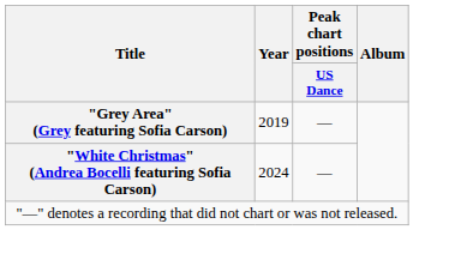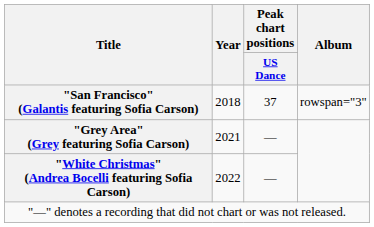 <table class="wikitable plainrowheaders" style="text-align: center">
 <tr>
 <th rowspan="2" scope="col" style="width: 16em">Title</th>
 <th rowspan="2" scope="col">Year</th>
 <th scope="col" colspan="1">Peak chart positions</th>
 <th scope="col" rowspan="2">Album</th>
 </tr>
 <tr>
 <th scope="col" style="width:2.5em;font-size:90%;"><a href='#'>US<br>Dance</a><br></th>
 </tr>
 <tr>
+<th scope="row">"San Francisco"<br><span>(<a href='#'>Galantis</a> featuring Sofia Carson)</span></th>
+<td>2018</td>
+<td>37</td>
+<td>rowspan="3" </td>
+</tr>
+<tr>
 <th scope="row">"Grey Area"<br><span>(<a href='#'>Grey</a> featuring Sofia Carson)</span></th>
-<td>2019</td>
+<td>2021</td>
 <td>—</td>
 </tr>
 <tr>
 <th scope="row">"<a href='#'>White Christmas</a>"<br><span>(<a href='#'>Andrea Bocelli</a> featuring Sofia Carson)</span></th>
-<td>2024</td>
+<td>2022</td>
 <td>—</td>
 </tr>
 <tr>
 <td colspan="4">"—" denotes a recording that did not chart or was not released.</td>
 </tr>
 </table>
